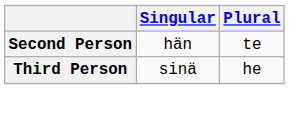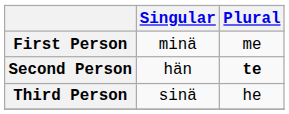 <table class="wikitable" style="text-align:center; display: inline-table;">
 <tr>
 <th></th>
 <th><a href='#'>Singular</a></th>
 <th><a href='#'>Plural</a></th>
 </tr>
 <tr>
+<th>First Person</th>
+<td>minä</td>
+<td>me</td>
+</tr>
+<tr>
 <th>Second Person</th>
 <td>hän</td>
-<td>te</td>
+<td><strong>te</strong></td>
 </tr>
 <tr>
 <th>Third Person</th>
 <td>sinä</td>
 <td>he</td>
 </tr>
 <tr>
 </tr>
 </table>
